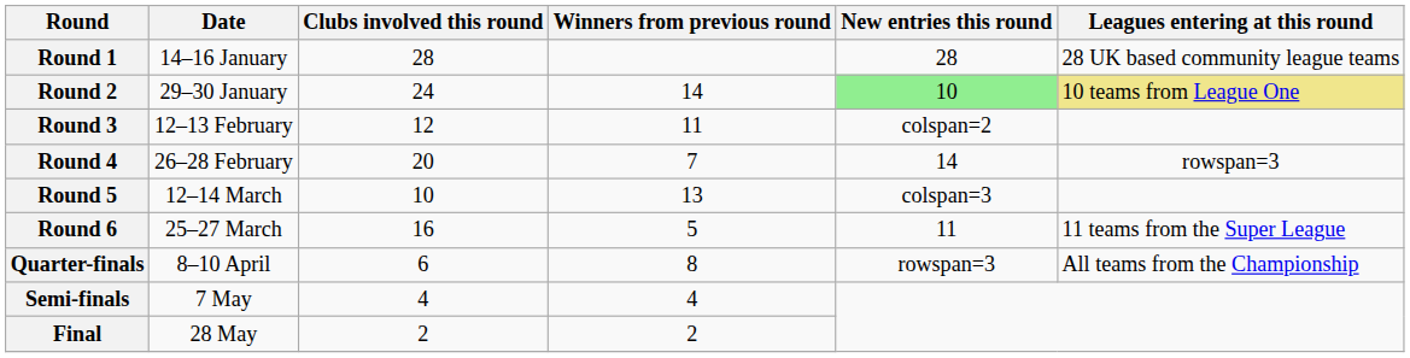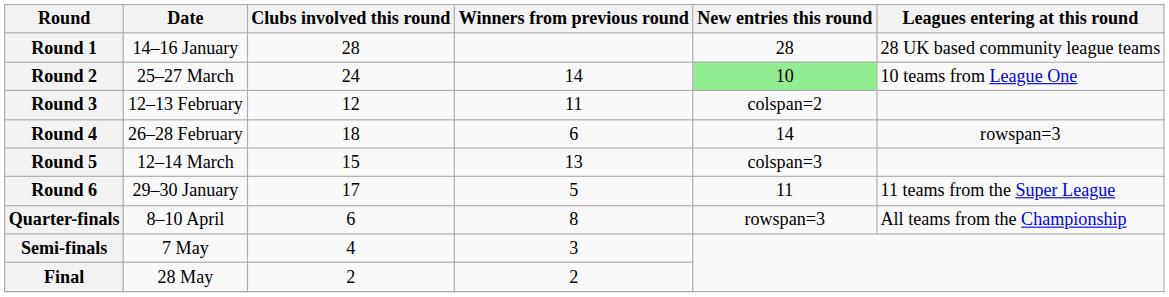 <table class="wikitable plainrowheaders" style="text-align:center">
 <tr>
 <th scope="col">Round</th>
 <th scope="col">Date</th>
 <th scope="col">Clubs involved this round</th>
 <th scope="col">Winners from previous round</th>
 <th scope="col">New entries this round</th>
 <th scope="col">Leagues entering at this round</th>
 </tr>
 <tr>
 <th scope="row" style="text-align:center;">Round 1</th>
 <td>14–16 January</td>
 <td>28</td>
 <td></td>
 <td>28</td>
 <td style="text-align: left;">28 UK based community league teams</td>
 </tr>
 <tr>
 <th scope="row" style="text-align:center;">Round 2</th>
-<td>29–30 January</td>
+<td>25–27 March</td>
 <td>24</td>
 <td>14</td>
 <td style="background: lightgreen;">10</td>
-<td style="background: khaki; text-align: left;">10 teams from <a href='#'>League One</a></td>
+<td style="text-align: left;">10 teams from <a href='#'>League One</a></td>
 </tr>
 <tr>
 <th scope="row" style="text-align:center;">Round 3</th>
 <td>12–13 February</td>
 <td>12</td>
 <td>11</td>
 <td>colspan=2 </td>
 </tr>
 <tr>
 <th scope="row" style="text-align:center;">Round 4</th>
 <td>26–28 February</td>
-<td>20</td>
-<td>7</td>
+<td>18</td>
+<td>6</td>
 <td>14</td>
 <td>rowspan=3</td>
 </tr>
 <tr>
 <th scope="row" style="text-align:center;">Round 5</th>
 <td>12–14 March</td>
-<td>10</td>
+<td>15</td>
 <td>13</td>
 <td>colspan=3</td>
 </tr>
 <tr>
 <th scope="row" style="text-align:center;">Round 6</th>
-<td>25–27 March</td>
-<td>16</td>
+<td>29–30 January</td>
+<td>17</td>
 <td>5</td>
 <td>11</td>
 <td style="text-align: left;">11 teams from the <a href='#'>Super League</a></td>
 </tr>
 <tr>
 <th scope="row" style="text-align:center;">Quarter-finals</th>
 <td>8–10 April</td>
 <td>6</td>
 <td>8</td>
 <td>rowspan=3</td>
 <td style="text-align: left;">All teams from the <a href='#'>Championship</a></td>
 </tr>
 <tr>
 <th scope="row" style="text-align:center;">Semi-finals</th>
 <td>7 May</td>
 <td>4</td>
-<td>4</td>
+<td>3</td>
 </tr>
 <tr>
 <th scope="row" style="text-align:center;">Final</th>
 <td>28 May</td>
 <td>2</td>
 <td>2</td>
 </tr>
 <tr>
 </tr>
 </table>
